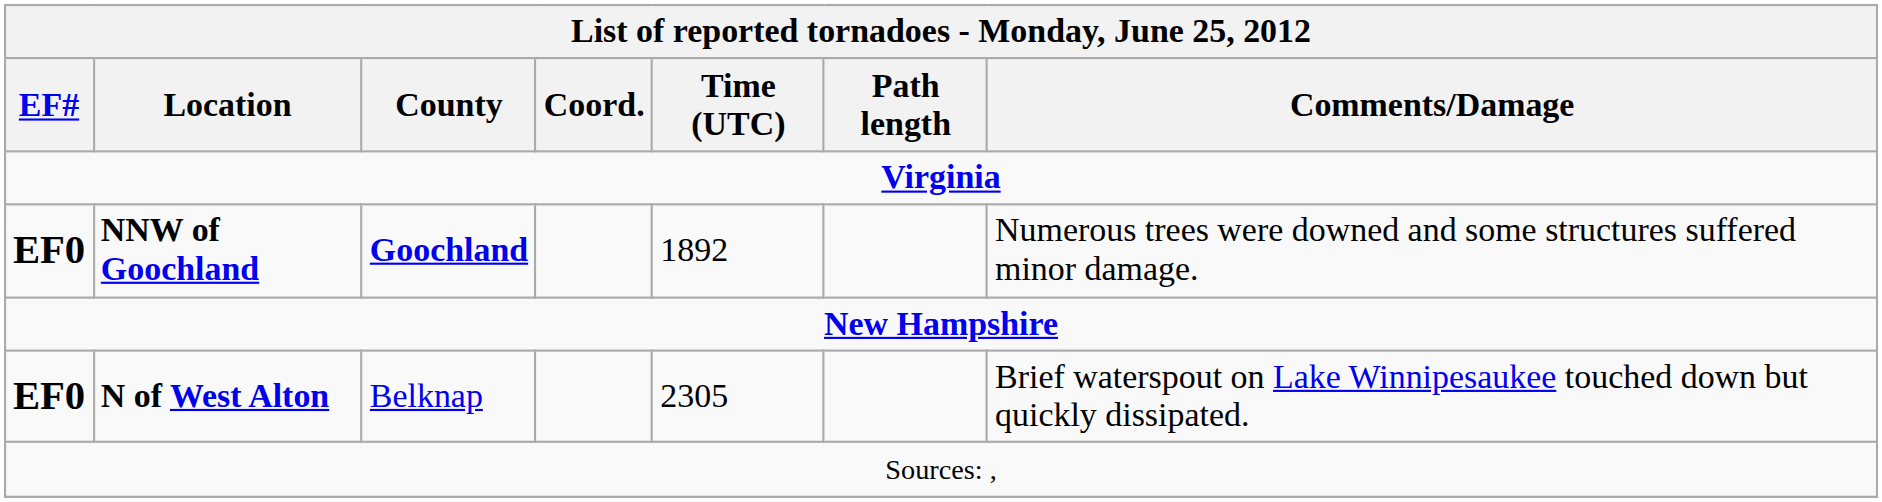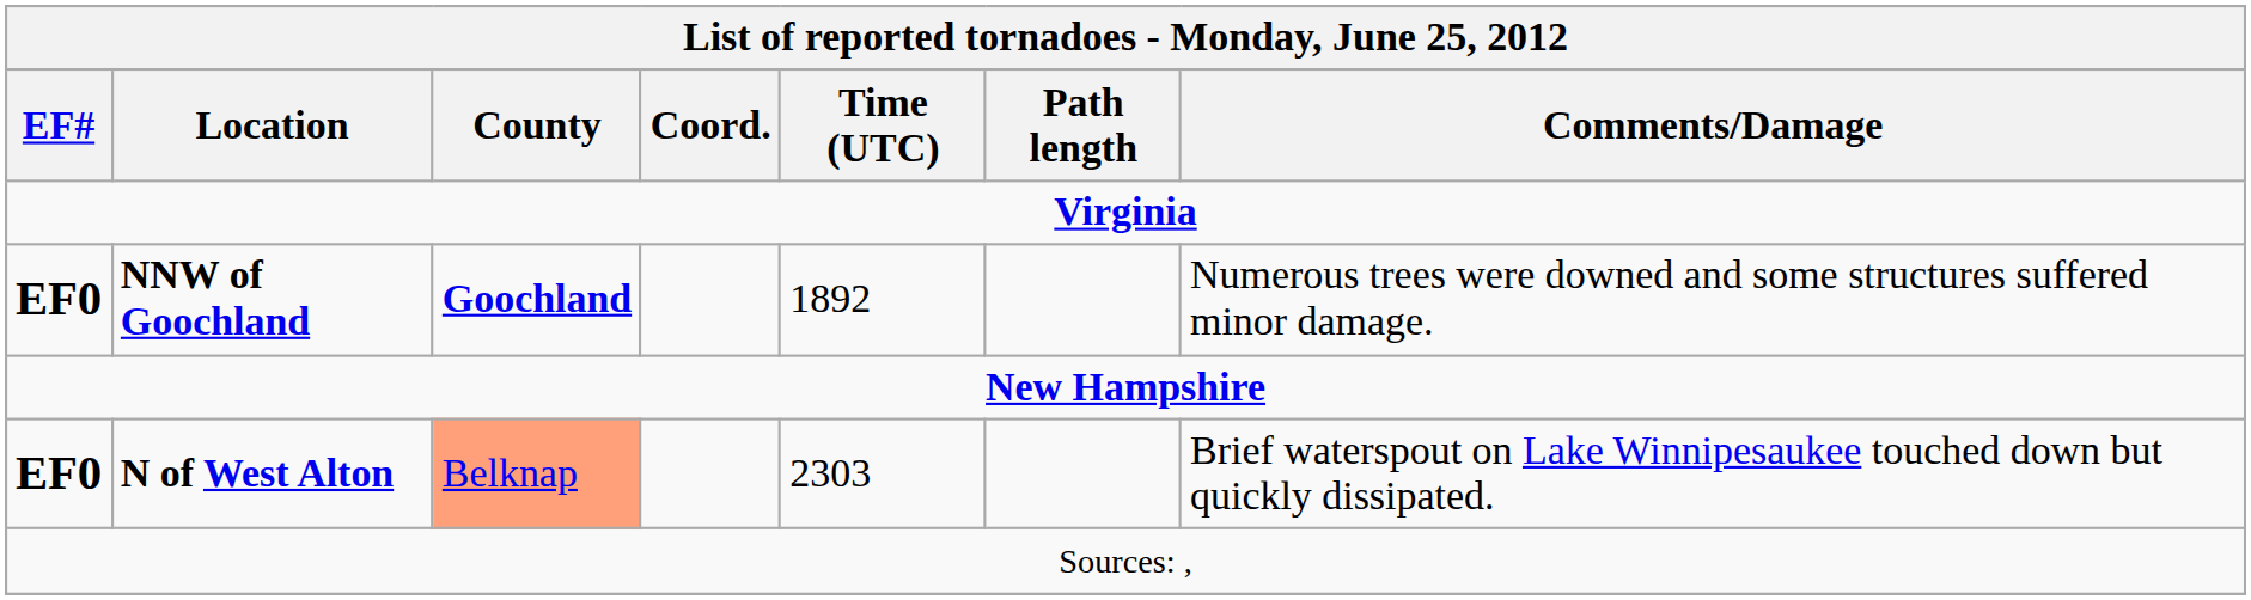 <table class="wikitable collapsible" width="100%">
 <tr>
 <th colspan="7">List of reported tornadoes - Monday, June 25, 2012</th>
 </tr>
 <tr>
 <th><a href='#'>EF#</a></th>
 <th>Location</th>
 <th>County</th>
 <th>Coord.</th>
 <th>Time (UTC)</th>
 <th>Path length</th>
 <th>Comments/Damage</th>
 </tr>
 <tr>
 <td colspan="7" align=center><strong><a href='#'>Virginia</a></strong></td>
 </tr>
 <tr>
 <td><big><strong>EF0</strong></big></td>
 <td><strong>NNW of <a href='#'>Goochland</a></strong></td>
 <td><strong><a href='#'>Goochland</a></strong></td>
 <td></td>
 <td>1892</td>
 <td></td>
 <td>Numerous trees were downed and some structures suffered minor damage.</td>
 </tr>
 <tr>
 <td colspan="7" align=center><strong><a href='#'>New Hampshire</a></strong></td>
 </tr>
 <tr>
 <td><big><strong>EF0</strong></big></td>
 <td><strong>N of <a href='#'>West Alton</a></strong></td>
-<td><a href='#'>Belknap</a></td>
+<td style="background: lightsalmon;"><a href='#'>Belknap</a></td>
 <td></td>
-<td>2305</td>
+<td>2303</td>
 <td></td>
 <td>Brief waterspout on <a href='#'>Lake Winnipesaukee</a> touched down but quickly dissipated.</td>
 </tr>
 <tr>
 <td colspan="7" align=center><small>Sources: , </small></td>
 </tr>
 <tr>
 </tr>
 </table>
